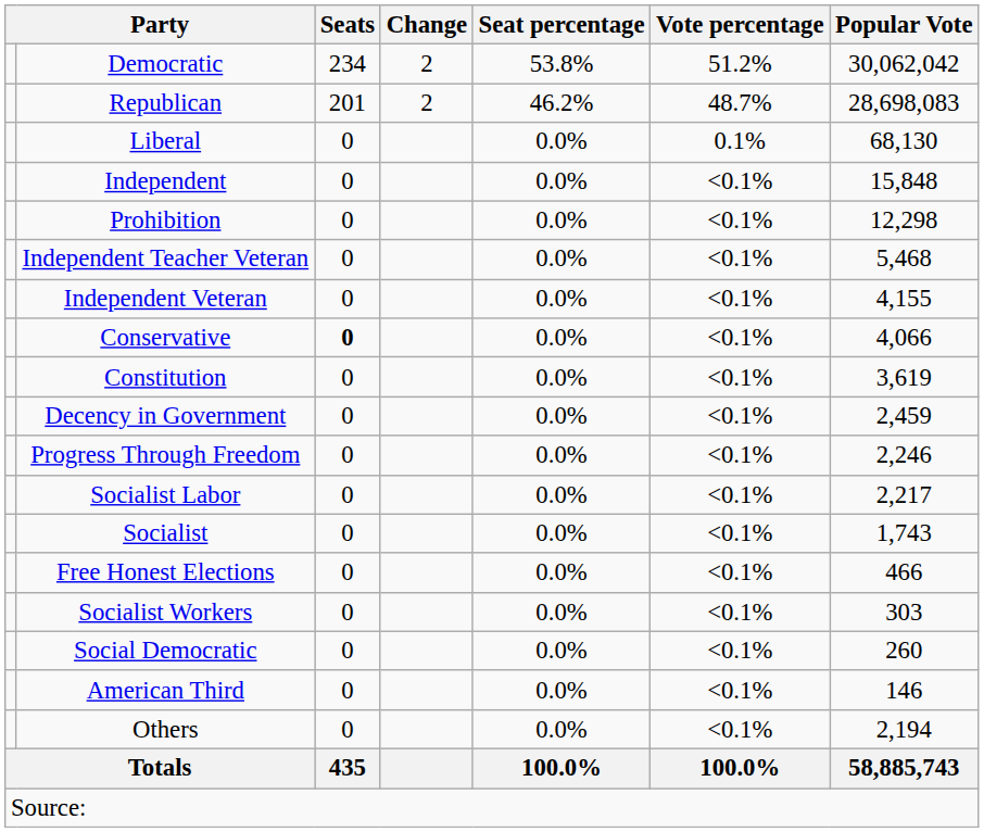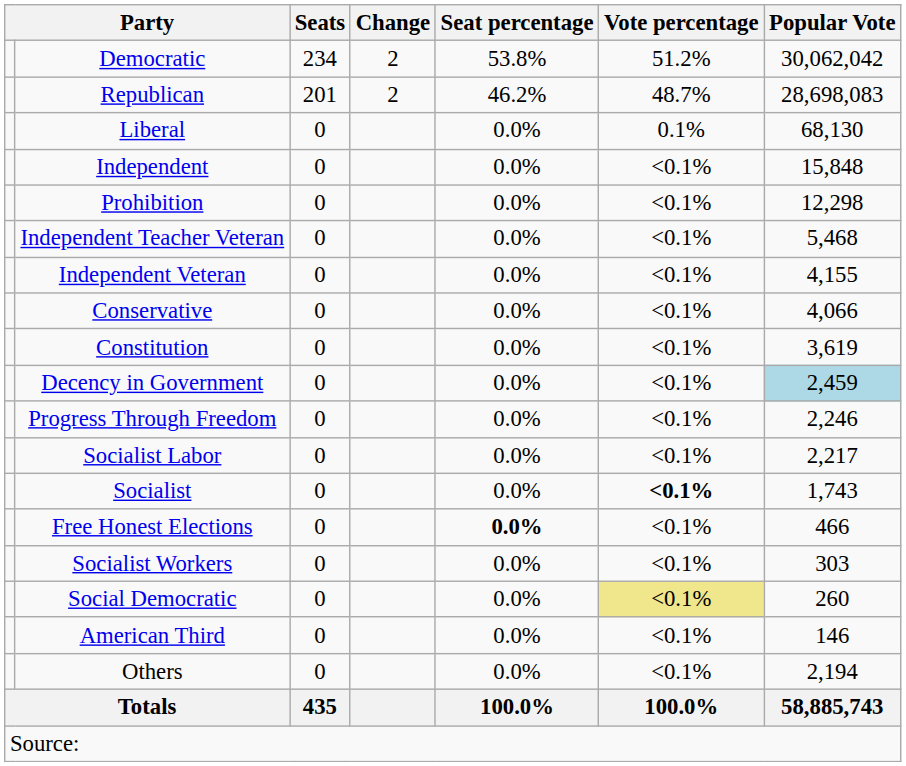 <table class=wikitable style="text-align:center">
 <tr>
 <th colspan=2>Party</th>
 <th>Seats</th>
 <th>Change</th>
 <th>Seat percentage</th>
 <th>Vote percentage</th>
 <th>Popular Vote</th>
 </tr>
 <tr>
 <td></td>
 <td><a href='#'>Democratic</a></td>
 <td>234</td>
 <td> 2</td>
 <td>53.8%</td>
 <td>51.2%</td>
 <td>30,062,042</td>
 </tr>
 <tr>
 <td></td>
 <td><a href='#'>Republican</a></td>
 <td>201</td>
 <td> 2</td>
 <td>46.2%</td>
 <td>48.7%</td>
 <td>28,698,083</td>
 </tr>
 <tr>
 <td></td>
 <td><a href='#'>Liberal</a></td>
 <td>0</td>
 <td></td>
 <td>0.0%</td>
 <td>0.1%</td>
 <td>68,130</td>
 </tr>
 <tr>
 <td></td>
 <td><a href='#'>Independent</a></td>
 <td>0</td>
 <td></td>
 <td>0.0%</td>
 <td><0.1%</td>
 <td>15,848</td>
 </tr>
 <tr>
 <td></td>
 <td><a href='#'>Prohibition</a></td>
 <td>0</td>
 <td></td>
 <td>0.0%</td>
 <td><0.1%</td>
 <td>12,298</td>
 </tr>
 <tr>
 <td></td>
 <td><a href='#'>Independent Teacher Veteran</a></td>
 <td>0</td>
 <td></td>
 <td>0.0%</td>
 <td><0.1%</td>
 <td>5,468</td>
 </tr>
 <tr>
 <td></td>
 <td><a href='#'>Independent Veteran</a></td>
 <td>0</td>
 <td></td>
 <td>0.0%</td>
 <td><0.1%</td>
 <td>4,155</td>
 </tr>
 <tr>
 <td></td>
 <td><a href='#'>Conservative</a></td>
-<td><strong>0</strong></td>
+<td>0</td>
 <td></td>
 <td>0.0%</td>
 <td><0.1%</td>
 <td>4,066</td>
 </tr>
 <tr>
 <td></td>
 <td><a href='#'>Constitution</a></td>
 <td>0</td>
 <td></td>
 <td>0.0%</td>
 <td><0.1%</td>
 <td>3,619</td>
 </tr>
 <tr>
 <td></td>
 <td><a href='#'>Decency in Government</a></td>
 <td>0</td>
 <td></td>
 <td>0.0%</td>
 <td><0.1%</td>
-<td>2,459</td>
+<td style="background: lightblue;">2,459</td>
 </tr>
 <tr>
 <td></td>
 <td><a href='#'>Progress Through Freedom</a></td>
 <td>0</td>
 <td></td>
 <td>0.0%</td>
 <td><0.1%</td>
 <td>2,246</td>
 </tr>
 <tr>
 <td></td>
 <td><a href='#'>Socialist Labor</a></td>
 <td>0</td>
 <td></td>
 <td>0.0%</td>
 <td><0.1%</td>
 <td>2,217</td>
 </tr>
 <tr>
 <td></td>
 <td><a href='#'>Socialist</a></td>
 <td>0</td>
 <td></td>
 <td>0.0%</td>
-<td><0.1%</td>
+<td><strong><0.1%</strong></td>
 <td>1,743</td>
 </tr>
 <tr>
 <td></td>
 <td><a href='#'>Free Honest Elections</a></td>
 <td>0</td>
 <td></td>
-<td>0.0%</td>
+<td><strong>0.0%</strong></td>
 <td><0.1%</td>
 <td>466</td>
 </tr>
 <tr>
 <td></td>
 <td><a href='#'>Socialist Workers</a></td>
 <td>0</td>
 <td></td>
 <td>0.0%</td>
 <td><0.1%</td>
 <td>303</td>
 </tr>
 <tr>
 <td></td>
 <td><a href='#'>Social Democratic</a></td>
 <td>0</td>
 <td></td>
 <td>0.0%</td>
-<td><0.1%</td>
+<td style="background: khaki;"><0.1%</td>
 <td>260</td>
 </tr>
 <tr>
 <td></td>
 <td><a href='#'>American Third</a></td>
 <td>0</td>
 <td></td>
 <td>0.0%</td>
 <td><0.1%</td>
 <td>146</td>
 </tr>
 <tr>
 <td></td>
 <td>Others</td>
 <td>0</td>
 <td></td>
 <td>0.0%</td>
 <td><0.1%</td>
 <td>2,194</td>
 </tr>
 <tr>
 <th colspan=2>Totals</th>
 <th>435</th>
 <th></th>
 <th>100.0%</th>
 <th>100.0%</th>
 <th>58,885,743</th>
 </tr>
 <tr>
 <td align="left" colspan=9>Source: </td>
 </tr>
 </table>
